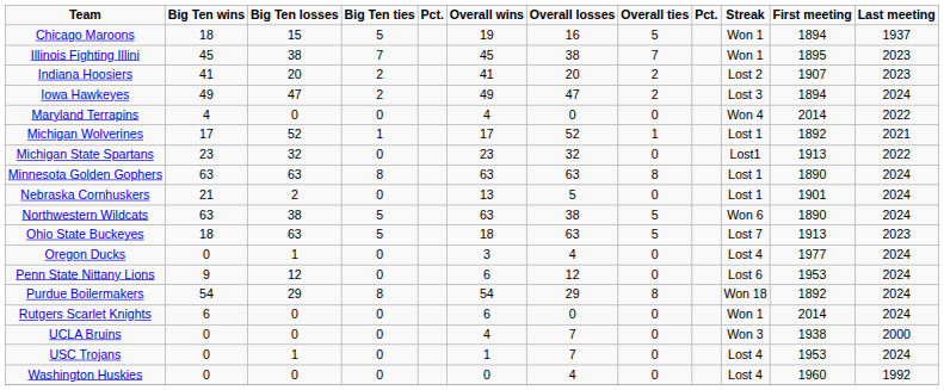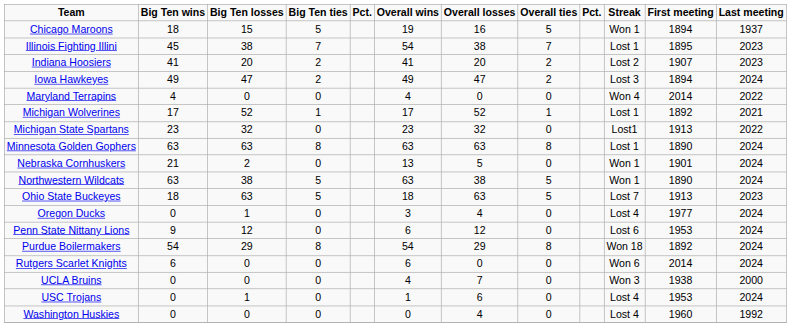 <table class="wikitable" style="text-align:center">
 <tr>
 <td><strong>Team</strong></td>
 <td><strong>Big Ten wins</strong></td>
 <td><strong>Big Ten losses</strong></td>
 <td><strong>Big Ten ties</strong></td>
 <td><strong>Pct.</strong></td>
 <td><strong>Overall wins</strong></td>
 <td><strong>Overall losses</strong></td>
 <td><strong>Overall ties</strong></td>
 <td><strong>Pct.</strong></td>
 <td><strong>Streak</strong></td>
 <td><strong>First meeting</strong></td>
 <td><strong>Last meeting</strong></td>
 </tr>
 <tr>
 <td><a href='#'>Chicago Maroons</a></td>
 <td>18</td>
 <td>15</td>
 <td>5</td>
 <td></td>
 <td>19</td>
 <td>16</td>
 <td>5</td>
 <td></td>
 <td>Won 1</td>
 <td>1894</td>
 <td>1937</td>
 </tr>
 <tr>
 <td><a href='#'>Illinois Fighting Illini</a></td>
 <td>45</td>
 <td>38</td>
 <td>7</td>
 <td></td>
-<td>45</td>
+<td>54</td>
 <td>38</td>
 <td>7</td>
 <td></td>
-<td>Won 1</td>
+<td>Lost 1</td>
 <td>1895</td>
 <td>2023</td>
 </tr>
 <tr>
 <td><a href='#'>Indiana Hoosiers</a></td>
 <td>41</td>
 <td>20</td>
 <td>2</td>
 <td></td>
 <td>41</td>
 <td>20</td>
 <td>2</td>
 <td></td>
 <td>Lost 2</td>
 <td>1907</td>
 <td>2023</td>
 </tr>
 <tr>
 <td><a href='#'>Iowa Hawkeyes</a></td>
 <td>49</td>
 <td>47</td>
 <td>2</td>
 <td></td>
 <td>49</td>
 <td>47</td>
 <td>2</td>
 <td></td>
 <td>Lost 3</td>
 <td>1894</td>
 <td>2024</td>
 </tr>
 <tr>
 <td><a href='#'>Maryland Terrapins</a></td>
 <td>4</td>
 <td>0</td>
 <td>0</td>
 <td></td>
 <td>4</td>
 <td>0</td>
 <td>0</td>
 <td></td>
 <td>Won 4</td>
 <td>2014</td>
 <td>2022</td>
 </tr>
 <tr>
 <td><a href='#'>Michigan Wolverines</a></td>
 <td>17</td>
 <td>52</td>
 <td>1</td>
 <td></td>
 <td>17</td>
 <td>52</td>
 <td>1</td>
 <td></td>
 <td>Lost 1</td>
 <td>1892</td>
 <td>2021</td>
 </tr>
 <tr>
 <td><a href='#'>Michigan State Spartans</a></td>
 <td>23</td>
 <td>32</td>
 <td>0</td>
 <td></td>
 <td>23</td>
 <td>32</td>
 <td>0</td>
 <td></td>
 <td>Lost1</td>
 <td>1913</td>
 <td>2022</td>
 </tr>
 <tr>
 <td><a href='#'>Minnesota Golden Gophers</a></td>
 <td>63</td>
 <td>63</td>
 <td>8</td>
 <td></td>
 <td>63</td>
 <td>63</td>
 <td>8</td>
 <td></td>
 <td>Lost 1</td>
 <td>1890</td>
 <td>2024</td>
 </tr>
 <tr>
 <td><a href='#'>Nebraska Cornhuskers</a></td>
 <td>21</td>
 <td>2</td>
 <td>0</td>
 <td></td>
 <td>13</td>
 <td>5</td>
 <td>0</td>
 <td></td>
-<td>Lost 1</td>
+<td>Won 1</td>
 <td>1901</td>
 <td>2024</td>
 </tr>
 <tr>
 <td><a href='#'>Northwestern Wildcats</a></td>
 <td>63</td>
 <td>38</td>
 <td>5</td>
 <td></td>
 <td>63</td>
 <td>38</td>
 <td>5</td>
 <td></td>
-<td>Won 6</td>
+<td>Won 1</td>
 <td>1890</td>
 <td>2024</td>
 </tr>
 <tr>
 <td><a href='#'>Ohio State Buckeyes</a></td>
 <td>18</td>
 <td>63</td>
 <td>5</td>
 <td></td>
 <td>18</td>
 <td>63</td>
 <td>5</td>
 <td></td>
 <td>Lost 7</td>
 <td>1913</td>
 <td>2023</td>
 </tr>
 <tr>
 <td><a href='#'>Oregon Ducks</a></td>
 <td>0</td>
 <td>1</td>
 <td>0</td>
 <td></td>
 <td>3</td>
 <td>4</td>
 <td>0</td>
 <td></td>
 <td>Lost 4</td>
 <td>1977</td>
 <td>2024</td>
 </tr>
 <tr>
 <td><a href='#'>Penn State Nittany Lions</a></td>
 <td>9</td>
 <td>12</td>
 <td>0</td>
 <td></td>
 <td>6</td>
 <td>12</td>
 <td>0</td>
 <td></td>
 <td>Lost 6</td>
 <td>1953</td>
 <td>2024</td>
 </tr>
 <tr>
 <td><a href='#'>Purdue Boilermakers</a></td>
 <td>54</td>
 <td>29</td>
 <td>8</td>
 <td></td>
 <td>54</td>
 <td>29</td>
 <td>8</td>
 <td></td>
 <td>Won 18</td>
 <td>1892</td>
 <td>2024</td>
 </tr>
 <tr>
 <td><a href='#'>Rutgers Scarlet Knights</a></td>
 <td>6</td>
 <td>0</td>
 <td>0</td>
 <td></td>
 <td>6</td>
 <td>0</td>
 <td>0</td>
 <td></td>
-<td>Won 1</td>
+<td>Won 6</td>
 <td>2014</td>
 <td>2024</td>
 </tr>
 <tr>
 <td><a href='#'>UCLA Bruins</a></td>
 <td>0</td>
 <td>0</td>
 <td>0</td>
 <td></td>
 <td>4</td>
 <td>7</td>
 <td>0</td>
 <td></td>
 <td>Won 3</td>
 <td>1938</td>
 <td>2000</td>
 </tr>
 <tr>
 <td><a href='#'>USC Trojans</a></td>
 <td>0</td>
 <td>1</td>
 <td>0</td>
 <td></td>
 <td>1</td>
-<td>7</td>
+<td>6</td>
 <td>0</td>
 <td></td>
 <td>Lost 4</td>
 <td>1953</td>
 <td>2024</td>
 </tr>
 <tr>
 <td><a href='#'>Washington Huskies</a></td>
 <td>0</td>
 <td>0</td>
 <td>0</td>
 <td></td>
 <td>0</td>
 <td>4</td>
 <td>0</td>
 <td></td>
 <td>Lost 4</td>
 <td>1960</td>
 <td>1992</td>
 </tr>
 <tr>
 </tr>
 </table>
